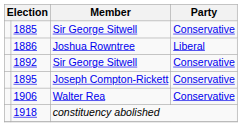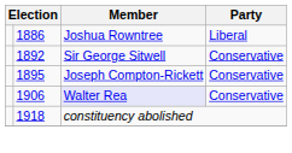 <table class="wikitable">
 <tr>
 <th colspan="2">Election</th>
 <th>Member</th>
 <th>Party</th>
-</tr>
-<tr>
-<td style="color:inherit;background-color: "></td>
-<td><a href='#'>1885</a></td>
-<td><a href='#'>Sir George Sitwell</a></td>
-<td><a href='#'>Conservative</a></td>
 </tr>
 <tr>
 <td style="color:inherit;background-color: "></td>
 <td><a href='#'>1886</a></td>
 <td><a href='#'>Joshua Rowntree</a></td>
 <td><a href='#'>Liberal</a></td>
 </tr>
 <tr>
 <td style="color:inherit;background-color: "></td>
 <td><a href='#'>1892</a></td>
 <td><a href='#'>Sir George Sitwell</a></td>
 <td><a href='#'>Conservative</a></td>
 </tr>
 <tr>
 <td style="color:inherit;background-color: "></td>
 <td><a href='#'>1895</a></td>
 <td><a href='#'>Joseph Compton-Rickett</a></td>
 <td><a href='#'>Conservative</a></td>
 </tr>
 <tr>
 <td style="color:inherit;background-color: "></td>
 <td><a href='#'>1906</a></td>
-<td><a href='#'>Walter Rea</a></td>
+<td style="background: lavender;"><a href='#'>Walter Rea</a></td>
 <td><a href='#'>Conservative</a></td>
 </tr>
 <tr>
 <td></td>
 <td><a href='#'>1918</a></td>
 <td colspan="2"><em>constituency abolished</em></td>
 </tr>
 <tr>
 </tr>
 </table>
